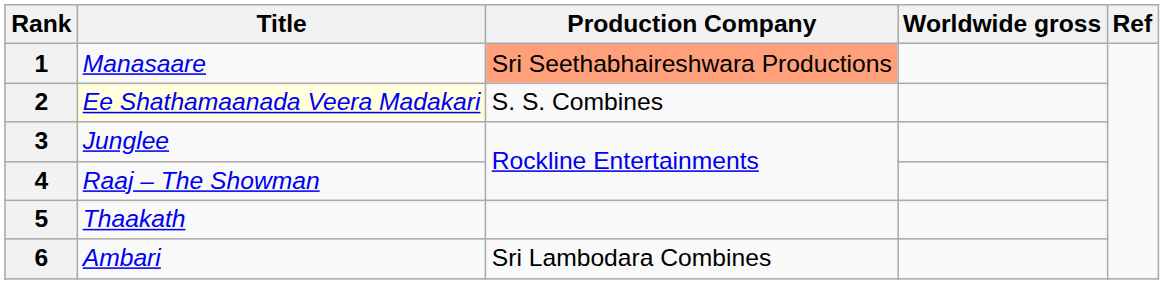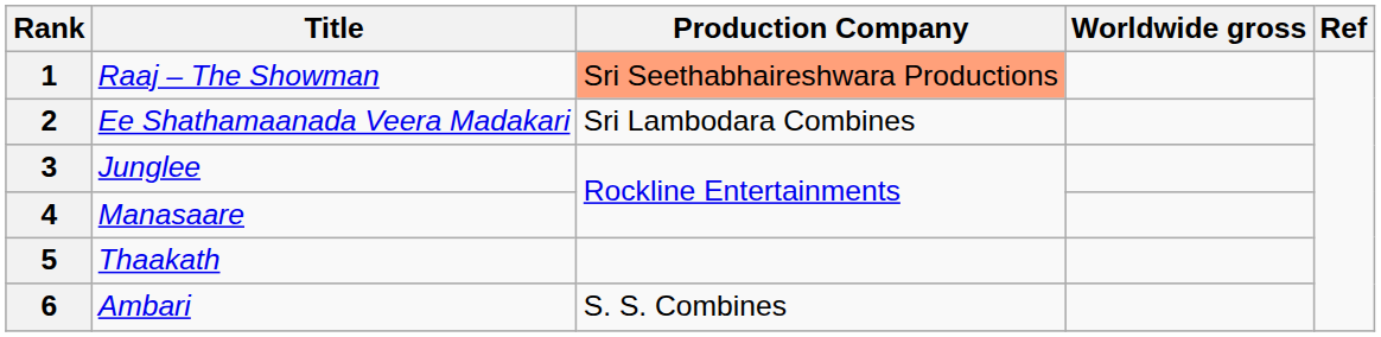 <table class="wikitable sortable" style="margin:auto; margin:auto;">
 <tr>
 <th>Rank</th>
 <th>Title</th>
 <th>Production Company</th>
 <th>Worldwide gross</th>
 <th>Ref</th>
 </tr>
 <tr>
 <th>1</th>
-<td><em><a href='#'>Manasaare</a></em></td>
+<td><em><a href='#'>Raaj – The Showman</a></em></td>
 <td style="background: lightsalmon;">Sri Seethabhaireshwara Productions</td>
 <td></td>
 <td rowspan="6"></td>
 </tr>
 <tr>
 <th>2</th>
-<td style="background: lightyellow;"><em><a href='#'>Ee Shathamaanada Veera Madakari</a></em></td>
-<td>S. S. Combines</td>
+<td><em><a href='#'>Ee Shathamaanada Veera Madakari</a></em></td>
+<td>Sri Lambodara Combines</td>
 <td></td>
 </tr>
 <tr>
 <th>3</th>
 <td><em><a href='#'>Junglee</a></em></td>
 <td rowspan="2"><a href='#'>Rockline Entertainments</a></td>
 <td></td>
 </tr>
 <tr>
 <th>4</th>
-<td><em><a href='#'>Raaj – The Showman</a></em></td>
+<td><em><a href='#'>Manasaare</a></em></td>
 <td></td>
 </tr>
 <tr>
 <th>5</th>
 <td><em><a href='#'>Thaakath</a></em></td>
 <td></td>
 <td></td>
 </tr>
 <tr>
 <th>6</th>
 <td><em><a href='#'>Ambari</a></em></td>
-<td>Sri Lambodara Combines</td>
+<td>S. S. Combines</td>
 <td></td>
 </tr>
 </table>
